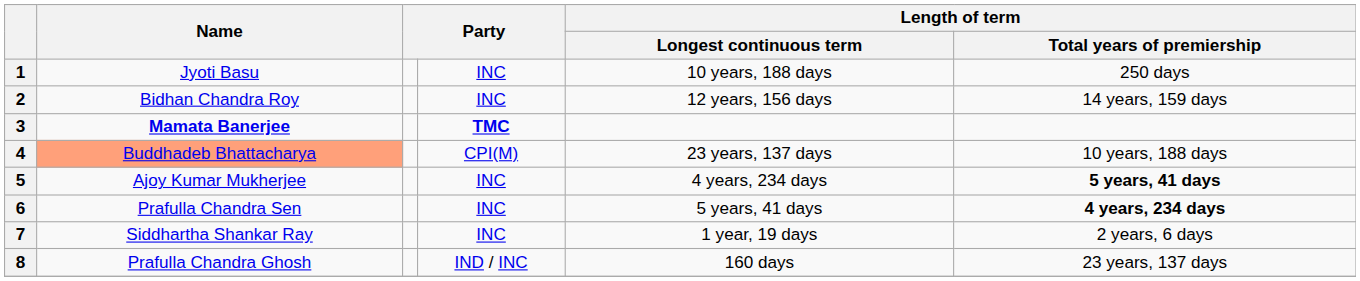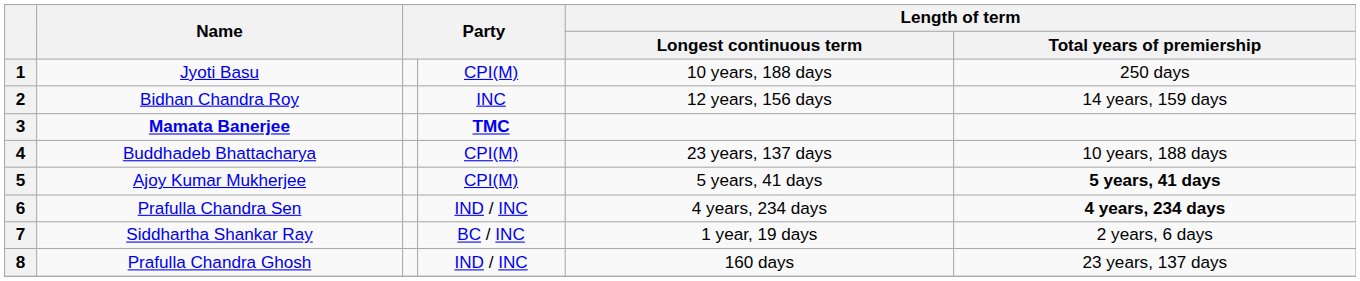 <table class="wikitable sortable" style="width:100%; text-align:center">
 <tr>
 <th rowspan="2" data-sort-type="number"></th>
 <th rowspan="2">Name</th>
 <th colspan="2" rowspan="2">Party</th>
 <th colspan="2">Length of term</th>
 </tr>
 <tr>
 <th>Longest continuous term</th>
 <th>Total years of premiership</th>
 </tr>
 <tr>
 <th data-sort-value="1">1</th>
 <td><a href='#'>Jyoti Basu</a></td>
 <td style="background-color: "></td>
-<td><a href='#'>INC</a></td>
+<td><a href='#'>CPI(M)</a></td>
 <td>10 years, 188 days</td>
 <td>250 days</td>
 </tr>
 <tr>
 <th data-sort-value="2">2</th>
 <td><a href='#'>Bidhan Chandra Roy</a></td>
 <td style="background-color: "></td>
 <td><a href='#'>INC</a></td>
 <td>12 years, 156 days</td>
 <td>14 years, 159 days</td>
 </tr>
 <tr>
 <th data-sort-value="3">3</th>
 <td><strong><a href='#'>Mamata Banerjee</a></strong></td>
 <td style="background-color: "></td>
 <td><a href='#'><strong>TMC</strong></a></td>
 <td><strong></strong></td>
 <td><strong></strong></td>
 </tr>
 <tr>
 <th data-sort-value="4">4</th>
-<td style="background: lightsalmon;"><a href='#'>Buddhadeb Bhattacharya</a></td>
+<td><a href='#'>Buddhadeb Bhattacharya</a></td>
 <td style="background-color: "></td>
 <td><a href='#'>CPI(M)</a></td>
 <td>23 years, 137 days</td>
 <td>10 years, 188 days</td>
 </tr>
 <tr>
 <th data-sort-value="5">5</th>
 <td><a href='#'>Ajoy Kumar Mukherjee</a></td>
 <td style="background-color: "></td>
-<td><a href='#'>INC</a></td>
-<td>4 years, 234 days</td>
+<td><a href='#'>CPI(M)</a></td>
+<td>5 years, 41 days</td>
 <td><strong>5 years, 41 days</strong></td>
 </tr>
 <tr>
 <th data-sort-value="7">6</th>
 <td><a href='#'>Prafulla Chandra Sen</a></td>
 <td style="background-color: "></td>
-<td><a href='#'>INC</a></td>
-<td>5 years, 41 days</td>
+<td><a href='#'>IND</a> / <a href='#'>INC</a></td>
+<td>4 years, 234 days</td>
 <td><strong>4 years, 234 days</strong></td>
 </tr>
 <tr>
 <th data-sort-value="6">7</th>
 <td><a href='#'>Siddhartha Shankar Ray</a></td>
 <td style="background-color: "></td>
-<td><a href='#'>INC</a></td>
+<td><a href='#'>BC</a> / <a href='#'>INC</a></td>
 <td>1 year, 19 days</td>
 <td>2 years, 6 days</td>
 </tr>
 <tr>
 <th data-sort-value="8">8</th>
 <td><a href='#'>Prafulla Chandra Ghosh</a></td>
 <td style="background-color: "></td>
 <td><a href='#'>IND</a> / <a href='#'>INC</a></td>
 <td>160 days</td>
 <td>23 years, 137 days</td>
 </tr>
 <tr>
 </tr>
 </table>
